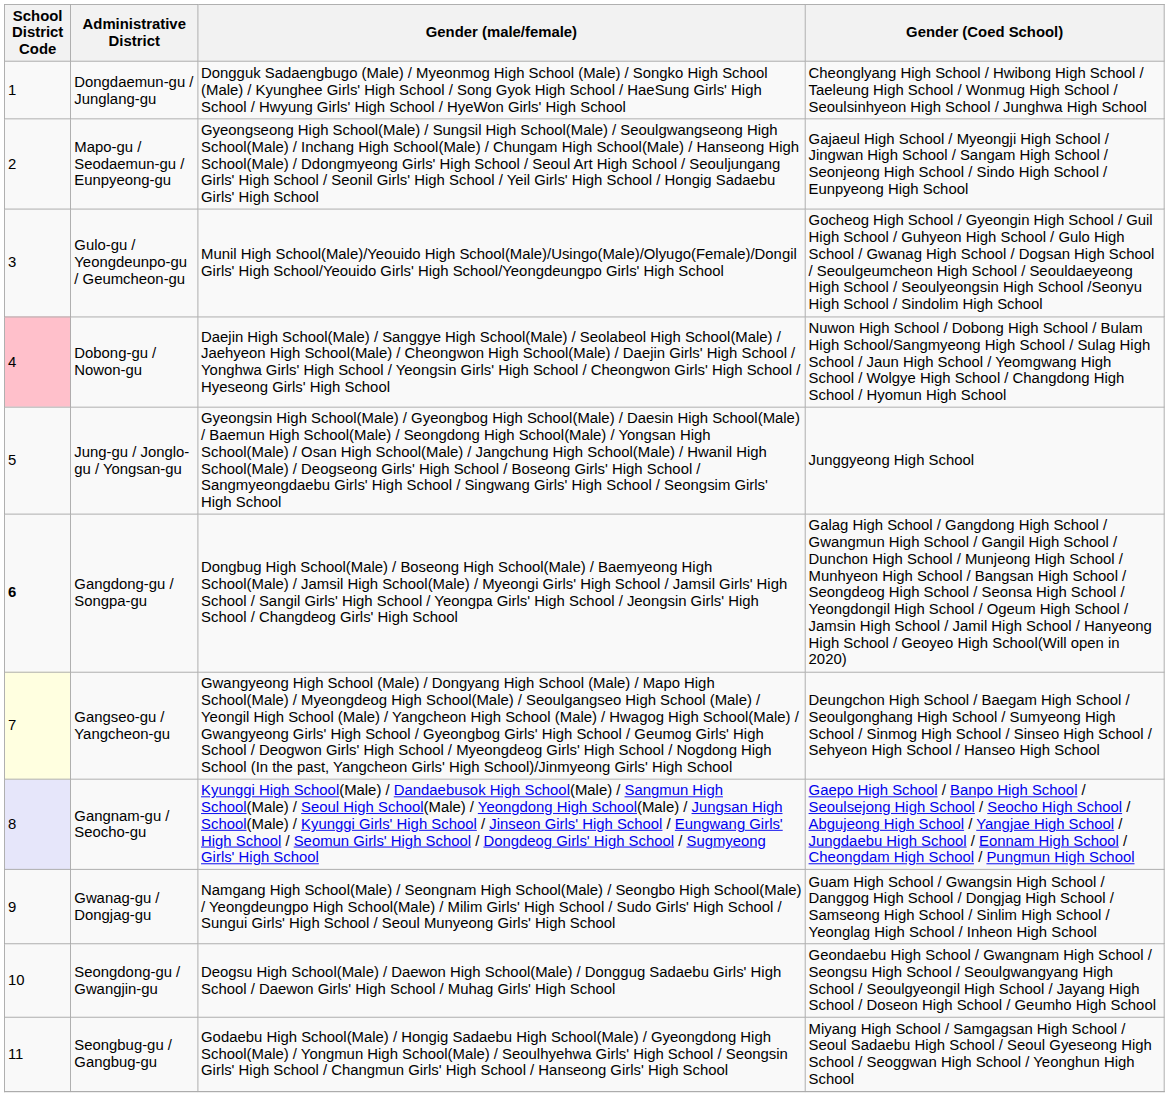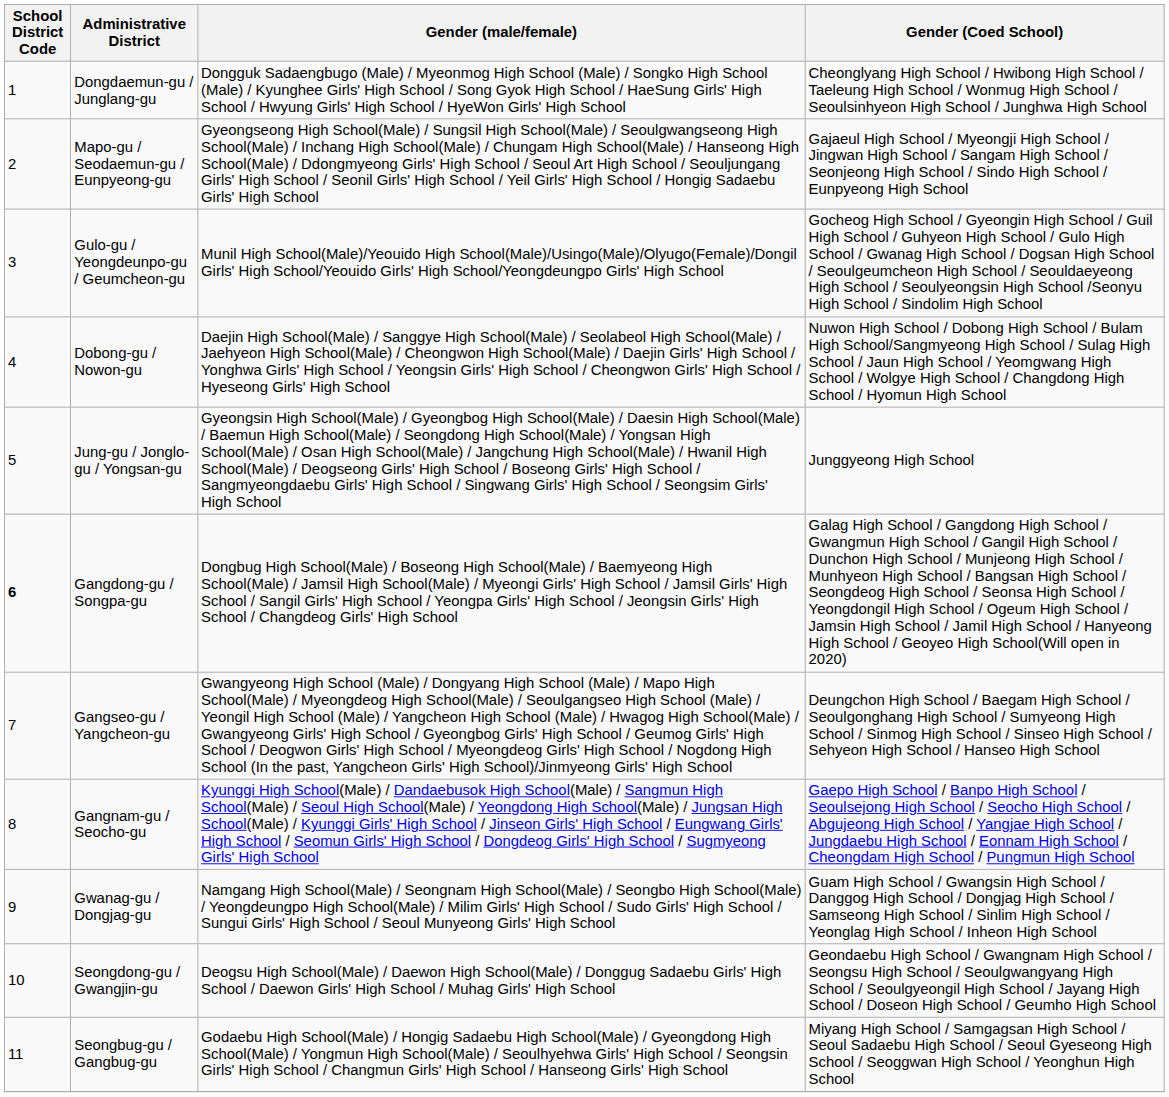 <table class="wikitable">
 <tr>
 <th>School District Code</th>
 <th>Administrative District</th>
 <th>Gender (male/female)</th>
 <th>Gender (Coed School)</th>
 </tr>
 <tr>
 <td>1</td>
 <td>Dongdaemun-gu / Junglang-gu</td>
 <td>Dongguk Sadaengbugo (Male) / Myeonmog High School (Male) / Songko High School (Male) / Kyunghee Girls' High School / Song Gyok High School / HaeSung Girls' High School / Hwyung Girls' High School / HyeWon Girls' High School</td>
 <td>Cheonglyang High School / Hwibong High School / Taeleung High School / Wonmug High School / Seoulsinhyeon High School / Junghwa High School</td>
 </tr>
 <tr>
 <td>2</td>
 <td>Mapo-gu / Seodaemun-gu / Eunpyeong-gu</td>
 <td>Gyeongseong High School(Male) / Sungsil High School(Male) / Seoulgwangseong High School(Male) / Inchang High School(Male) / Chungam High School(Male) / Hanseong High School(Male) / Ddongmyeong Girls' High School / Seoul Art High School / Seouljungang Girls' High School / Seonil Girls' High School / Yeil Girls' High School / Hongig Sadaebu Girls' High School</td>
 <td>Gajaeul High School / Myeongji High School / Jingwan High School / Sangam High School / Seonjeong High School / Sindo High School / Eunpyeong High School</td>
 </tr>
 <tr>
 <td>3</td>
 <td>Gulo-gu /      Yeongdeunpo-gu / Geumcheon-gu</td>
 <td>Munil High School(Male)/Yeouido High School(Male)/Usingo(Male)/Olyugo(Female)/Dongil Girls' High School/Yeouido Girls' High School/Yeongdeungpo Girls' High School</td>
 <td>Gocheog High School / Gyeongin High School / Guil High School / Guhyeon High School / Gulo High School / Gwanag High School / Dogsan High School / Seoulgeumcheon High School / Seouldaeyeong High School / Seoulyeongsin High School /Seonyu High School / Sindolim High School</td>
 </tr>
 <tr>
-<td style="background: pink;">4</td>
+<td>4</td>
 <td>Dobong-gu / Nowon-gu</td>
 <td>Daejin High School(Male) / Sanggye High School(Male) / Seolabeol High School(Male) / Jaehyeon High School(Male) / Cheongwon High School(Male) / Daejin Girls' High School / Yonghwa Girls' High School / Yeongsin Girls' High School / Cheongwon Girls' High School / Hyeseong Girls' High School</td>
 <td>Nuwon High School / Dobong High School / Bulam High School/Sangmyeong High School / Sulag High School / Jaun High School / Yeomgwang High School / Wolgye High School / Changdong High School / Hyomun High School</td>
 </tr>
 <tr>
 <td>5</td>
 <td>Jung-gu / Jonglo-gu / Yongsan-gu</td>
 <td>Gyeongsin High School(Male) / Gyeongbog High School(Male) / Daesin High School(Male) / Baemun High School(Male) / Seongdong High School(Male) / Yongsan High School(Male) / Osan High School(Male) / Jangchung High School(Male) / Hwanil High School(Male) / Deogseong Girls' High School / Boseong Girls' High School / Sangmyeongdaebu Girls' High School / Singwang Girls' High School / Seongsim Girls' High School</td>
 <td>Junggyeong High School</td>
 </tr>
 <tr>
 <td><strong>6</strong></td>
 <td>Gangdong-gu / Songpa-gu</td>
 <td>Dongbug High School(Male) / Boseong High School(Male) / Baemyeong High School(Male) / Jamsil High School(Male) / Myeongi Girls' High School / Jamsil Girls' High School / Sangil Girls' High School / Yeongpa Girls' High School / Jeongsin Girls' High School / Changdeog Girls' High School</td>
 <td>Galag High School / Gangdong High School / Gwangmun High School / Gangil High School / Dunchon High School / Munjeong High School / Munhyeon High School / Bangsan High School / Seongdeog High School / Seonsa High School / Yeongdongil High School / Ogeum High School / Jamsin High School / Jamil High School / Hanyeong High School / Geoyeo High School(Will open in 2020)</td>
 </tr>
 <tr>
-<td style="background: lightyellow;">7</td>
+<td>7</td>
 <td>Gangseo-gu / Yangcheon-gu</td>
 <td>Gwangyeong High School (Male) / Dongyang High School (Male) / Mapo High School(Male) / Myeongdeog High School(Male) / Seoulgangseo High School (Male) / Yeongil High School (Male) / Yangcheon High School (Male) / Hwagog High School(Male) / Gwangyeong Girls' High School / Gyeongbog Girls' High School / Geumog Girls' High School / Deogwon Girls' High School / Myeongdeog Girls' High School / Nogdong High School (In the past, Yangcheon Girls' High School)/Jinmyeong Girls' High School</td>
 <td>Deungchon High School / Baegam High School / Seoulgonghang High School / Sumyeong High School / Sinmog High School / Sinseo High School / Sehyeon High School / Hanseo High School</td>
 </tr>
 <tr>
-<td style="background: lavender;">8</td>
+<td>8</td>
 <td>Gangnam-gu / Seocho-gu</td>
 <td><a href='#'>Kyunggi High School</a>(Male) / <a href='#'>Dandaebusok High School</a>(Male) / <a href='#'>Sangmun High School</a>(Male) / <a href='#'>Seoul High School</a>(Male) / <a href='#'>Yeongdong High School</a>(Male) / <a href='#'>Jungsan High School</a>(Male) / <a href='#'>Kyunggi Girls' High School</a> / <a href='#'>Jinseon Girls' High School</a> / <a href='#'>Eungwang Girls' High School</a> / <a href='#'>Seomun Girls' High School</a> / <a href='#'>Dongdeog Girls' High School</a> / <a href='#'>Sugmyeong Girls' High School</a></td>
 <td><a href='#'>Gaepo High School</a> / <a href='#'>Banpo High School</a> / <a href='#'>Seoulsejong High School</a> / <a href='#'>Seocho High School</a> / <a href='#'>Abgujeong High School</a> / <a href='#'>Yangjae High School</a> / <a href='#'>Jungdaebu High School</a> / <a href='#'>Eonnam High School</a> / <a href='#'>Cheongdam High School</a> / <a href='#'>Pungmun High School</a></td>
 </tr>
 <tr>
 <td>9</td>
 <td>Gwanag-gu / Dongjag-gu</td>
 <td>Namgang High School(Male) / Seongnam High School(Male) / Seongbo High School(Male) / Yeongdeungpo High School(Male) / Milim Girls' High School / Sudo Girls' High School / Sungui Girls' High School / Seoul Munyeong Girls' High School</td>
 <td>Guam High School / Gwangsin High School / Danggog High School / Dongjag High School / Samseong High School / Sinlim High School / Yeonglag High School / Inheon High School</td>
 </tr>
 <tr>
 <td>10</td>
 <td>Seongdong-gu / Gwangjin-gu</td>
 <td>Deogsu High School(Male) / Daewon High School(Male) / Donggug Sadaebu Girls' High School / Daewon Girls' High School / Muhag Girls' High School</td>
 <td>Geondaebu High School / Gwangnam High School / Seongsu High School / Seoulgwangyang High School / Seoulgyeongil High School / Jayang High School / Doseon High School / Geumho High School</td>
 </tr>
 <tr>
 <td>11</td>
 <td>Seongbug-gu / Gangbug-gu</td>
 <td>Godaebu High School(Male) / Hongig Sadaebu High School(Male) / Gyeongdong High School(Male) / Yongmun High School(Male) / Seoulhyehwa Girls' High School / Seongsin Girls' High School / Changmun Girls' High School / Hanseong Girls' High School</td>
 <td>Miyang High School / Samgagsan High School / Seoul Sadaebu High School / Seoul Gyeseong High School / Seoggwan High School / Yeonghun High School</td>
 </tr>
 <tr>
 </tr>
 <tr align="center">
 </tr>
 </table>
